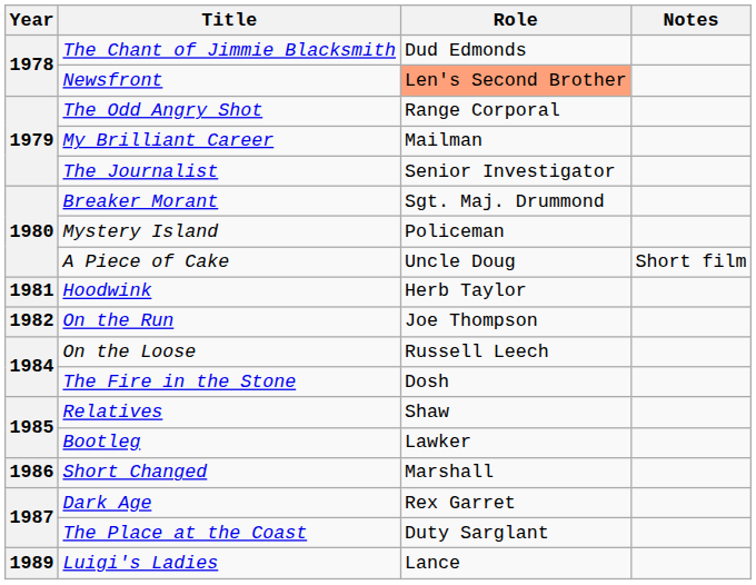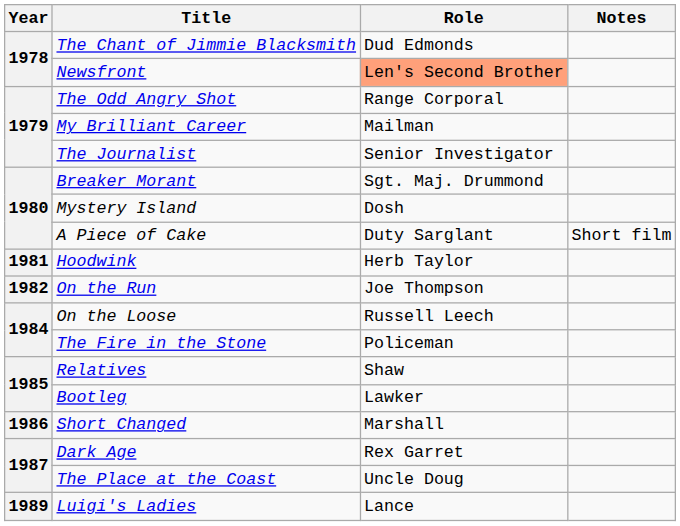 <table class="wikitable plainrowheaders sortable">
 <tr>
 <th scope="col">Year</th>
 <th scope="col">Title</th>
 <th scope="col">Role</th>
 <th scope="col" class="unsortable">Notes</th>
 </tr>
 <tr>
 <th scope="row" rowspan="2">1978</th>
 <td><em><a href='#'>The Chant of Jimmie Blacksmith</a></em></td>
 <td>Dud Edmonds</td>
 <td></td>
 </tr>
 <tr>
 <td><em><a href='#'>Newsfront</a></em></td>
 <td style="background: lightsalmon;">Len's Second Brother</td>
 <td></td>
 </tr>
 <tr>
 <th scope="row" rowspan="3">1979</th>
 <td><em><a href='#'>The Odd Angry Shot</a></em></td>
 <td>Range Corporal</td>
 <td></td>
 </tr>
 <tr>
 <td><em><a href='#'>My Brilliant Career</a></em></td>
 <td>Mailman</td>
 <td></td>
 </tr>
 <tr>
 <td><em><a href='#'>The Journalist</a></em></td>
 <td>Senior Investigator</td>
 <td></td>
 </tr>
 <tr>
 <th scope="row" rowspan="3">1980</th>
 <td><em><a href='#'>Breaker Morant</a></em></td>
 <td>Sgt. Maj. Drummond</td>
 <td></td>
 </tr>
 <tr>
 <td><em>Mystery Island</em></td>
-<td>Policeman</td>
+<td>Dosh</td>
 <td></td>
 </tr>
 <tr>
 <td><em>A Piece of Cake</em></td>
-<td>Uncle Doug</td>
+<td>Duty Sarglant</td>
 <td>Short film</td>
 </tr>
 <tr>
 <th scope="row">1981</th>
 <td><em><a href='#'>Hoodwink</a></em></td>
 <td>Herb Taylor</td>
 <td></td>
 </tr>
 <tr>
 <th scope="row">1982</th>
 <td><em><a href='#'>On the Run</a></em></td>
 <td>Joe Thompson</td>
 <td></td>
 </tr>
 <tr>
 <th scope="row" rowspan="2">1984</th>
 <td><em>On the Loose</em></td>
 <td>Russell Leech</td>
 <td></td>
 </tr>
 <tr>
 <td><em><a href='#'>The Fire in the Stone</a></em></td>
-<td>Dosh</td>
+<td>Policeman</td>
 <td></td>
 </tr>
 <tr>
 <th scope="row" rowspan="2">1985</th>
 <td><em><a href='#'>Relatives</a></em></td>
 <td>Shaw</td>
 <td></td>
 </tr>
 <tr>
 <td><em><a href='#'>Bootleg</a></em></td>
 <td>Lawker</td>
 <td></td>
 </tr>
 <tr>
 <th scope="row">1986</th>
 <td><em><a href='#'>Short Changed</a></em></td>
 <td>Marshall</td>
 <td></td>
 </tr>
 <tr>
 <th scope="row" rowspan="2">1987</th>
 <td><em><a href='#'>Dark Age</a></em></td>
 <td>Rex Garret</td>
 <td></td>
 </tr>
 <tr>
 <td><em><a href='#'>The Place at the Coast</a></em></td>
-<td>Duty Sarglant</td>
+<td>Uncle Doug</td>
 <td></td>
 </tr>
 <tr>
 <th scope="row">1989</th>
 <td><em><a href='#'>Luigi's Ladies</a></em></td>
 <td>Lance</td>
 <td></td>
 </tr>
 </table>
